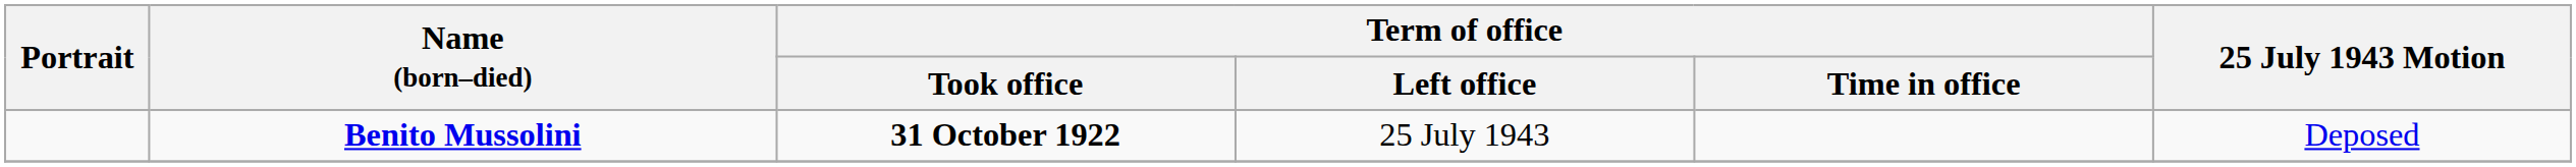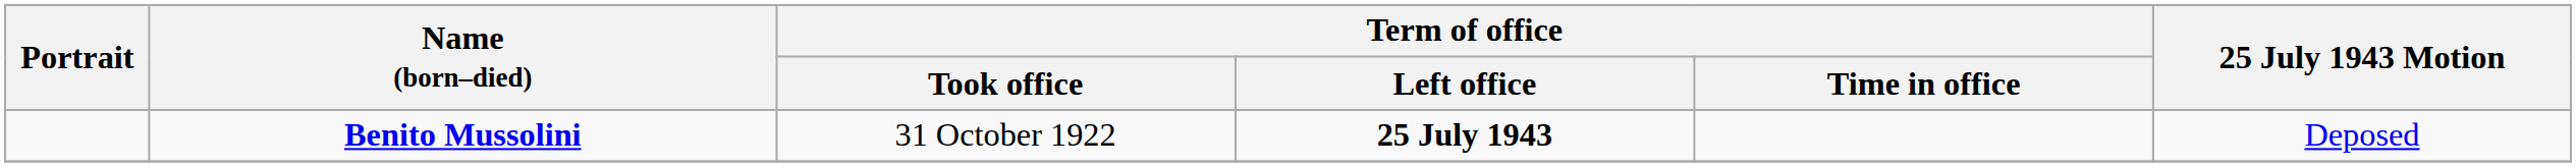 <table class="wikitable" style="text-align:center;" style="width=90%">
 <tr>
 <th width=1% rowspan=2>Portrait</th>
 <th width=15% rowspan=2>Name<br><small>(born–died)</small></th>
 <th width=30% colspan=3>Term of office</th>
 <th width=10% rowspan=2>25 July 1943 Motion</th>
 </tr>
 <tr style="text-align:center;">
 <th width=11%>Took office</th>
 <th width=11%>Left office</th>
 <th width=11%>Time in office</th>
 </tr>
 <tr>
 <td></td>
 <td><strong><a href='#'>Benito Mussolini</a></strong><br></td>
-<td><strong>31 October 1922</strong></td>
-<td>25 July 1943</td>
+<td>31 October 1922</td>
+<td><strong>25 July 1943</strong></td>
 <td></td>
 <td align=center><a href='#'>Deposed</a></td>
 </tr>
 <tr>
 </tr>
 </table>
